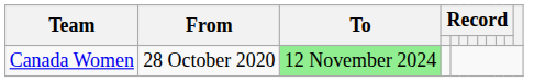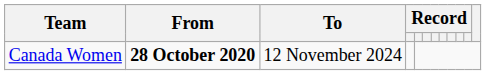 <table class="wikitable" style="text-align: center">
 <tr>
 <th rowspan="2">Team</th>
 <th rowspan="2">From</th>
 <th rowspan="2">To</th>
 <th colspan="8">Record</th>
 <th rowspan="2"></th>
 </tr>
 <tr>
 <th></th>
 <th></th>
 <th></th>
 <th></th>
 <th></th>
 <th></th>
 <th></th>
 <th></th>
 </tr>
 <tr>
 <td><a href='#'>Canada Women</a></td>
-<td>28 October 2020</td>
-<td style="background: lightgreen;">12 November 2024<br></td>
+<td><strong>28 October 2020</strong></td>
+<td>12 November 2024<br></td>
 <td></td>
 </tr>
 </table>
